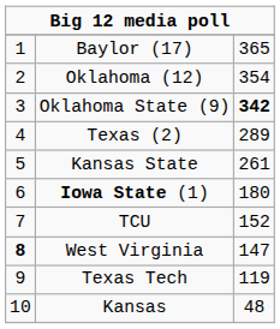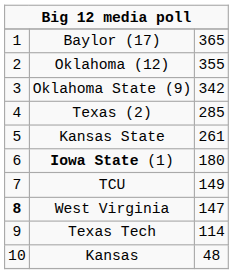 <table class="wikitable" style="display: inline-table;">
 <tr>
 <td align="center" Colspan="3"><strong>Big 12 media poll</strong></td>
 </tr>
 <tr align="center">
 </tr>
 <tr align="center">
 <td>1</td>
 <td>Baylor (17)</td>
 <td>365</td>
 </tr>
 <tr align="center">
 <td>2</td>
 <td>Oklahoma (12)</td>
-<td>354</td>
+<td>355</td>
 </tr>
 <tr align="center">
 <td>3</td>
 <td>Oklahoma State (9)</td>
-<td><strong>342</strong></td>
+<td>342</td>
 </tr>
 <tr align="center">
 <td>4</td>
 <td>Texas (2)</td>
-<td>289</td>
+<td>285</td>
 </tr>
 <tr align="center">
 <td>5</td>
 <td>Kansas State</td>
 <td>261</td>
 </tr>
 <tr align="center">
 <td>6</td>
 <td><strong>Iowa State</strong> (1)</td>
 <td>180</td>
 </tr>
 <tr align="center">
 <td>7</td>
 <td>TCU</td>
-<td>152</td>
+<td>149</td>
 </tr>
 <tr align="center">
 <td><strong>8</strong></td>
 <td>West Virginia</td>
 <td>147</td>
 </tr>
 <tr align="center">
 <td>9</td>
 <td>Texas Tech</td>
-<td>119</td>
+<td>114</td>
 </tr>
 <tr align="center">
 <td>10</td>
 <td>Kansas</td>
 <td>48</td>
 </tr>
 <tr>
 </tr>
 </table>
